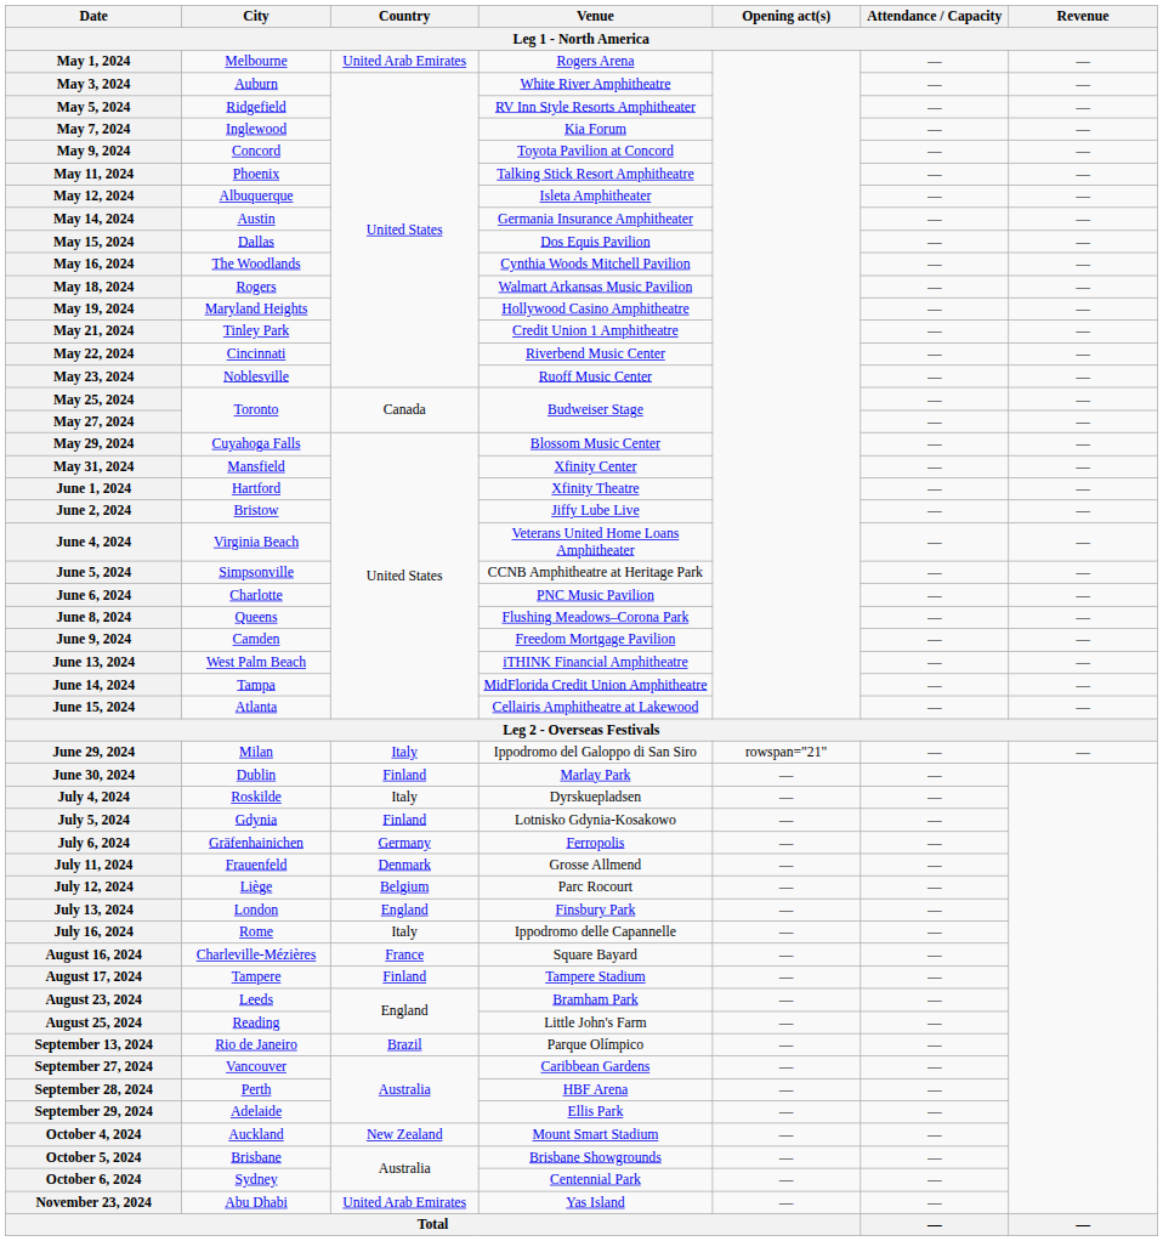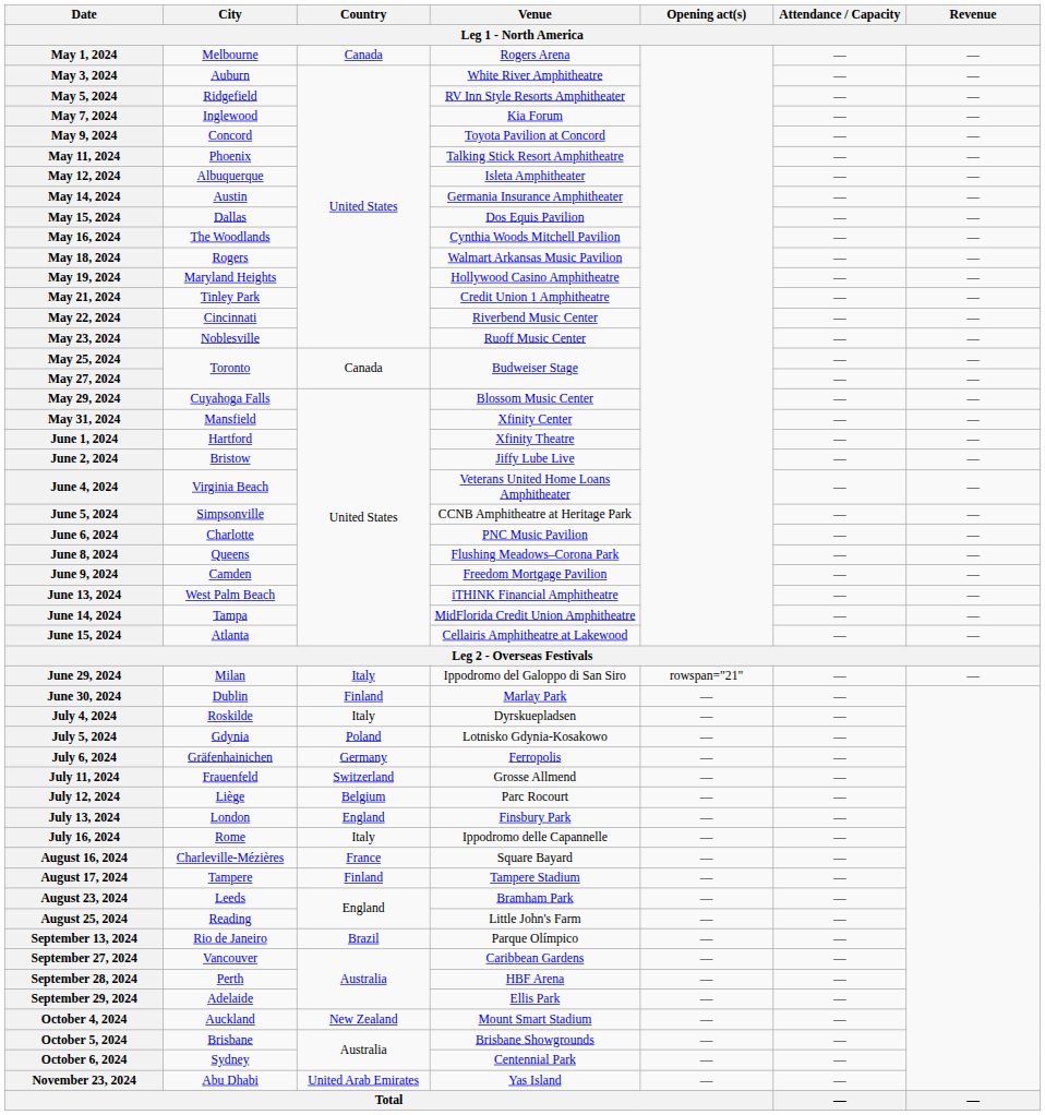 <table class="wikitable plainrowheaders" style="text-align:center;">
 <tr>
 <th scope="col" style="width:12em;">Date</th>
 <th scope="col" style="width:10em;">City</th>
 <th scope="col" style="width:10em;">Country</th>
 <th scope="col" style="width:16em;">Venue</th>
 <th scope="col" style="width:10em;">Opening act(s)</th>
 <th scope="col" style="width:10em;">Attendance / Capacity</th>
 <th scope="col" style="width:10em;">Revenue</th>
 </tr>
 <tr>
 <th colspan="7">Leg 1 - North America</th>
 </tr>
 <tr>
 <th scope="row" style="text-align:center;">May 1, 2024</th>
 <td><a href='#'>Melbourne</a></td>
-<td><a href='#'>United Arab Emirates</a></td>
+<td><a href='#'>Canada</a></td>
 <td><a href='#'>Rogers Arena</a></td>
 <td rowspan="29"></td>
 <td>—</td>
 <td>—</td>
 </tr>
 <tr>
 <th scope="row" style="text-align:center;">May 3, 2024</th>
 <td><a href='#'>Auburn</a></td>
 <td rowspan="14"><a href='#'>United States</a></td>
 <td><a href='#'>White River Amphitheatre</a></td>
 <td>—</td>
 <td>—</td>
 </tr>
 <tr>
 <th scope="row" style="text-align:center;">May 5, 2024</th>
 <td><a href='#'>Ridgefield</a></td>
 <td><a href='#'>RV Inn Style Resorts Amphitheater</a></td>
 <td>—</td>
 <td>—</td>
 </tr>
 <tr>
 <th scope="row" style="text-align:center;">May 7, 2024</th>
 <td><a href='#'>Inglewood</a></td>
 <td><a href='#'>Kia Forum</a></td>
 <td>—</td>
 <td>—</td>
 </tr>
 <tr>
 <th scope="row" style="text-align:center;">May 9, 2024</th>
 <td><a href='#'>Concord</a></td>
 <td><a href='#'>Toyota Pavilion at Concord</a></td>
 <td>—</td>
 <td>—</td>
 </tr>
 <tr>
 <th scope="row" style="text-align:center;">May 11, 2024</th>
 <td><a href='#'>Phoenix</a></td>
 <td><a href='#'>Talking Stick Resort Amphitheatre</a></td>
 <td>—</td>
 <td>—</td>
 </tr>
 <tr>
 <th scope="row" style="text-align:center;">May 12, 2024</th>
 <td><a href='#'>Albuquerque</a></td>
 <td><a href='#'>Isleta Amphitheater</a></td>
 <td>—</td>
 <td>—</td>
 </tr>
 <tr>
 <th scope="row" style="text-align:center;">May 14, 2024</th>
 <td><a href='#'>Austin</a></td>
 <td><a href='#'>Germania Insurance Amphitheater</a></td>
 <td>—</td>
 <td>—</td>
 </tr>
 <tr>
 <th scope="row" style="text-align:center;">May 15, 2024</th>
 <td><a href='#'>Dallas</a></td>
 <td><a href='#'>Dos Equis Pavilion</a></td>
 <td>—</td>
 <td>—</td>
 </tr>
 <tr>
 <th scope="row" style="text-align:center;">May 16, 2024</th>
 <td><a href='#'>The Woodlands</a></td>
 <td><a href='#'>Cynthia Woods Mitchell Pavilion</a></td>
 <td>—</td>
 <td>—</td>
 </tr>
 <tr>
 <th scope="row" style="text-align:center;">May 18, 2024</th>
 <td><a href='#'>Rogers</a></td>
 <td><a href='#'>Walmart Arkansas Music Pavilion</a></td>
 <td>—</td>
 <td>—</td>
 </tr>
 <tr>
 <th scope="row" style="text-align:center;">May 19, 2024</th>
 <td><a href='#'>Maryland Heights</a></td>
 <td><a href='#'>Hollywood Casino Amphitheatre</a></td>
 <td>—</td>
 <td>—</td>
 </tr>
 <tr>
 <th scope="row" style="text-align:center;">May 21, 2024</th>
 <td><a href='#'>Tinley Park</a></td>
 <td><a href='#'>Credit Union 1 Amphitheatre</a></td>
 <td>—</td>
 <td>—</td>
 </tr>
 <tr>
 <th scope="row" style="text-align:center;">May 22, 2024</th>
 <td><a href='#'>Cincinnati</a></td>
 <td><a href='#'>Riverbend Music Center</a></td>
 <td>—</td>
 <td>—</td>
 </tr>
 <tr>
 <th scope="row" style="text-align:center;">May 23, 2024</th>
 <td><a href='#'>Noblesville</a></td>
 <td><a href='#'>Ruoff Music Center</a></td>
 <td>—</td>
 <td>—</td>
 </tr>
 <tr>
 <th scope="row" style="text-align:center;">May 25, 2024</th>
 <td rowspan="2"><a href='#'>Toronto</a></td>
 <td rowspan="2">Canada</td>
 <td rowspan="2"><a href='#'>Budweiser Stage</a></td>
 <td>—</td>
 <td>—</td>
 </tr>
 <tr>
 <th scope="row" style="text-align:center;">May 27, 2024</th>
 <td>—</td>
 <td>—</td>
 </tr>
 <tr>
 <th scope="row" style="text-align:center;">May 29, 2024</th>
 <td><a href='#'>Cuyahoga Falls</a></td>
 <td rowspan="12">United States</td>
 <td><a href='#'>Blossom Music Center</a></td>
 <td>—</td>
 <td>—</td>
 </tr>
 <tr>
 <th scope="row" style="text-align:center;">May 31, 2024</th>
 <td><a href='#'>Mansfield</a></td>
 <td><a href='#'>Xfinity Center</a></td>
 <td>—</td>
 <td>—</td>
 </tr>
 <tr>
 <th scope="row" style="text-align:center;">June 1, 2024</th>
 <td><a href='#'>Hartford</a></td>
 <td><a href='#'>Xfinity Theatre</a></td>
 <td>—</td>
 <td>—</td>
 </tr>
 <tr>
 <th scope="row" style="text-align:center;">June 2, 2024</th>
 <td><a href='#'>Bristow</a></td>
 <td><a href='#'>Jiffy Lube Live</a></td>
 <td>—</td>
 <td>—</td>
 </tr>
 <tr>
 <th scope="row" style="text-align:center;">June 4, 2024</th>
 <td><a href='#'>Virginia Beach</a></td>
 <td><a href='#'>Veterans United Home Loans Amphitheater</a></td>
 <td>—</td>
 <td>—</td>
 </tr>
 <tr>
 <th scope="row" style="text-align:center;">June 5, 2024</th>
 <td><a href='#'>Simpsonville</a></td>
 <td>CCNB Amphitheatre at Heritage Park</td>
 <td>—</td>
 <td>—</td>
 </tr>
 <tr>
 <th scope="row" style="text-align:center;">June 6, 2024</th>
 <td><a href='#'>Charlotte</a></td>
 <td><a href='#'>PNC Music Pavilion</a></td>
 <td>—</td>
 <td>—</td>
 </tr>
 <tr>
 <th scope="row" style="text-align:center;">June 8, 2024</th>
 <td><a href='#'>Queens</a></td>
 <td><a href='#'>Flushing Meadows–Corona Park</a></td>
 <td>—</td>
 <td>—</td>
 </tr>
 <tr>
 <th scope="row" style="text-align:center;">June 9, 2024</th>
 <td><a href='#'>Camden</a></td>
 <td><a href='#'>Freedom Mortgage Pavilion</a></td>
 <td>—</td>
 <td>—</td>
 </tr>
 <tr>
 <th scope="row" style="text-align:center;">June 13, 2024</th>
 <td><a href='#'>West Palm Beach</a></td>
 <td><a href='#'>iTHINK Financial Amphitheatre</a></td>
 <td>—</td>
 <td>—</td>
 </tr>
 <tr>
 <th scope="row" style="text-align:center;">June 14, 2024</th>
 <td><a href='#'>Tampa</a></td>
 <td><a href='#'>MidFlorida Credit Union Amphitheatre</a></td>
 <td>—</td>
 <td>—</td>
 </tr>
 <tr>
 <th scope="row" style="text-align:center;">June 15, 2024</th>
 <td><a href='#'>Atlanta</a></td>
 <td><a href='#'>Cellairis Amphitheatre at Lakewood</a></td>
 <td>—</td>
 <td>—</td>
 </tr>
 <tr>
 <th colspan="7">Leg 2 - Overseas Festivals</th>
 </tr>
 <tr>
 <th scope="row" style="text-align:center;">June 29, 2024</th>
 <td><a href='#'>Milan</a></td>
 <td><a href='#'>Italy</a></td>
 <td>Ippodromo del Galoppo di San Siro</td>
 <td>rowspan="21" </td>
 <td>—</td>
 <td>—</td>
 </tr>
 <tr>
 <th scope="row" style="text-align:center;">June 30, 2024</th>
 <td><a href='#'>Dublin</a></td>
 <td><a href='#'>Finland</a></td>
 <td><a href='#'>Marlay Park</a></td>
 <td>—</td>
 <td>—</td>
 </tr>
 <tr>
 <th scope="row" style="text-align:center;">July 4, 2024</th>
 <td><a href='#'>Roskilde</a></td>
 <td>Italy</td>
 <td>Dyrskuepladsen</td>
 <td>—</td>
 <td>—</td>
 </tr>
 <tr>
 <th scope="row" style="text-align:center;">July 5, 2024</th>
 <td><a href='#'>Gdynia</a></td>
-<td><a href='#'>Finland</a></td>
+<td><a href='#'>Poland</a></td>
 <td>Lotnisko Gdynia-Kosakowo</td>
 <td>—</td>
 <td>—</td>
 </tr>
 <tr>
 <th scope="row" style="text-align:center;">July 6, 2024</th>
 <td><a href='#'>Gräfenhainichen</a></td>
 <td><a href='#'>Germany</a></td>
 <td><a href='#'>Ferropolis</a></td>
 <td>—</td>
 <td>—</td>
 </tr>
 <tr>
 <th scope="row" style="text-align:center;">July 11, 2024</th>
 <td><a href='#'>Frauenfeld</a></td>
-<td><a href='#'>Denmark</a></td>
+<td><a href='#'>Switzerland</a></td>
 <td>Grosse Allmend</td>
 <td>—</td>
 <td>—</td>
 </tr>
 <tr>
 <th scope="row" style="text-align:center;">July 12, 2024</th>
 <td><a href='#'>Liège</a></td>
 <td><a href='#'>Belgium</a></td>
 <td>Parc Rocourt</td>
 <td>—</td>
 <td>—</td>
 </tr>
 <tr>
 <th scope="row" style="text-align:center;">July 13, 2024</th>
 <td><a href='#'>London</a></td>
 <td><a href='#'>England</a></td>
 <td><a href='#'>Finsbury Park</a></td>
 <td>—</td>
 <td>—</td>
 </tr>
 <tr>
 <th scope="row" style="text-align:center;">July 16, 2024</th>
 <td><a href='#'>Rome</a></td>
 <td>Italy</td>
 <td>Ippodromo delle Capannelle</td>
 <td>—</td>
 <td>—</td>
 </tr>
 <tr>
 <th scope="row" style="text-align:center;">August 16, 2024</th>
 <td><a href='#'>Charleville-Mézières</a></td>
 <td><a href='#'>France</a></td>
 <td>Square Bayard</td>
 <td>—</td>
 <td>—</td>
 </tr>
 <tr>
 <th scope="row" style="text-align:center;">August 17, 2024</th>
 <td><a href='#'>Tampere</a></td>
 <td><a href='#'>Finland</a></td>
 <td><a href='#'>Tampere Stadium</a></td>
 <td>—</td>
 <td>—</td>
 </tr>
 <tr>
 <th scope="row" style="text-align:center;">August 23, 2024</th>
 <td><a href='#'>Leeds</a></td>
 <td rowspan="2">England</td>
 <td><a href='#'>Bramham Park</a></td>
 <td>—</td>
 <td>—</td>
 </tr>
 <tr>
 <th scope="row" style="text-align:center;">August 25, 2024</th>
 <td><a href='#'>Reading</a></td>
 <td>Little John's Farm</td>
 <td>—</td>
 <td>—</td>
 </tr>
 <tr>
 <th scope="row" style="text-align:center;">September 13, 2024</th>
 <td><a href='#'>Rio de Janeiro</a></td>
 <td><a href='#'>Brazil</a></td>
 <td>Parque Olímpico</td>
 <td>—</td>
 <td>—</td>
 </tr>
 <tr>
 <th scope="row" style="text-align:center;">September 27, 2024</th>
 <td><a href='#'>Vancouver</a></td>
 <td rowspan="3"><a href='#'>Australia</a></td>
 <td><a href='#'>Caribbean Gardens</a></td>
 <td>—</td>
 <td>—</td>
 </tr>
 <tr>
 <th scope="row" style="text-align:center;">September 28, 2024</th>
 <td><a href='#'>Perth</a></td>
 <td><a href='#'>HBF Arena</a></td>
 <td>—</td>
 <td>—</td>
 </tr>
 <tr>
 <th scope="row" style="text-align:center;">September 29, 2024</th>
 <td><a href='#'>Adelaide</a></td>
 <td><a href='#'>Ellis Park</a></td>
 <td>—</td>
 <td>—</td>
 </tr>
 <tr>
 <th scope="row" style="text-align:center;">October 4, 2024</th>
 <td><a href='#'>Auckland</a></td>
 <td><a href='#'>New Zealand</a></td>
 <td><a href='#'>Mount Smart Stadium</a></td>
 <td>—</td>
 <td>—</td>
 </tr>
 <tr>
 <th scope="row" style="text-align:center;">October 5, 2024</th>
 <td><a href='#'>Brisbane</a></td>
 <td rowspan="2">Australia</td>
 <td><a href='#'>Brisbane Showgrounds</a></td>
 <td>—</td>
 <td>—</td>
 </tr>
 <tr>
 <th scope="row" style="text-align:center;">October 6, 2024</th>
 <td><a href='#'>Sydney</a></td>
 <td><a href='#'>Centennial Park</a></td>
 <td>—</td>
 <td>—</td>
 </tr>
 <tr>
 <th scope="row" style="text-align:center;">November 23, 2024</th>
 <td><a href='#'>Abu Dhabi</a></td>
 <td><a href='#'>United Arab Emirates</a></td>
 <td><a href='#'>Yas Island</a></td>
 <td>—</td>
 <td>—</td>
 </tr>
 <tr>
 <th colspan="5">Total</th>
 <th>—</th>
 <th>—</th>
 </tr>
 </table>
